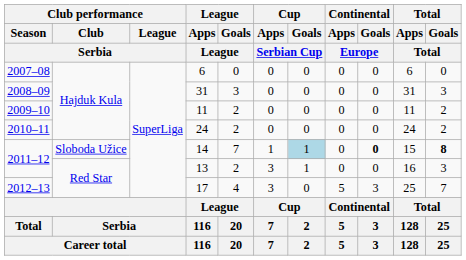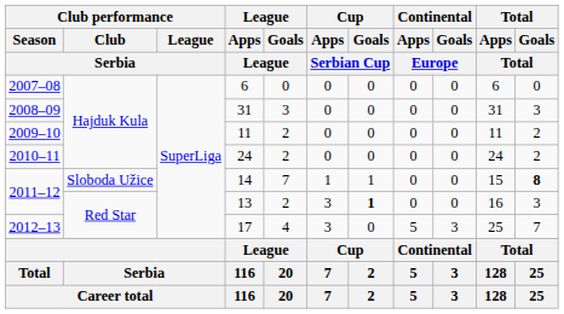 <table class="wikitable" style="text-align:center">
 <tr>
 <th colspan=3>Club performance</th>
 <th colspan=2>League</th>
 <th colspan=2>Cup</th>
 <th colspan=2>Continental</th>
 <th colspan=2>Total</th>
 </tr>
 <tr>
 <th>Season</th>
 <th>Club</th>
 <th>League</th>
 <th>Apps</th>
 <th>Goals</th>
 <th>Apps</th>
 <th>Goals</th>
 <th>Apps</th>
 <th>Goals</th>
 <th>Apps</th>
 <th>Goals</th>
 </tr>
 <tr>
 <th colspan=3>Serbia</th>
 <th colspan=2>League</th>
 <th colspan=2><a href='#'>Serbian Cup</a></th>
 <th colspan=2><a href='#'>Europe</a></th>
 <th colspan=2>Total</th>
 </tr>
 <tr>
 <td><a href='#'>2007–08</a></td>
 <td rowspan="4"><a href='#'>Hajduk Kula</a></td>
 <td rowspan="7"><a href='#'>SuperLiga</a></td>
 <td>6</td>
 <td>0</td>
 <td>0</td>
 <td>0</td>
 <td>0</td>
 <td>0</td>
 <td>6</td>
 <td>0</td>
 </tr>
 <tr>
 <td><a href='#'>2008–09</a></td>
 <td>31</td>
 <td>3</td>
 <td>0</td>
 <td>0</td>
 <td>0</td>
 <td>0</td>
 <td>31</td>
 <td>3</td>
 </tr>
 <tr>
 <td><a href='#'>2009–10</a></td>
 <td>11</td>
 <td>2</td>
 <td>0</td>
 <td>0</td>
 <td>0</td>
 <td>0</td>
 <td>11</td>
 <td>2</td>
 </tr>
 <tr>
 <td><a href='#'>2010–11</a></td>
 <td>24</td>
 <td>2</td>
 <td>0</td>
 <td>0</td>
 <td>0</td>
 <td>0</td>
 <td>24</td>
 <td>2</td>
 </tr>
 <tr>
 <td rowspan="2"><a href='#'>2011–12</a></td>
 <td><a href='#'>Sloboda Užice</a></td>
 <td>14</td>
 <td>7</td>
 <td>1</td>
-<td style="background: lightblue;">1</td>
+<td>1</td>
 <td>0</td>
-<td><strong>0</strong></td>
+<td>0</td>
 <td>15</td>
 <td><strong>8</strong></td>
 </tr>
 <tr>
 <td rowspan=2><a href='#'>Red Star</a></td>
 <td>13</td>
 <td>2</td>
 <td>3</td>
-<td>1</td>
+<td><strong>1</strong></td>
 <td>0</td>
 <td>0</td>
 <td>16</td>
 <td>3</td>
 </tr>
 <tr>
 <td><a href='#'>2012–13</a></td>
 <td>17</td>
 <td>4</td>
 <td>3</td>
 <td>0</td>
 <td>5</td>
 <td>3</td>
 <td>25</td>
 <td>7</td>
 </tr>
 <tr>
 <th colspan=3></th>
 <th colspan=2>League</th>
 <th colspan=2>Cup</th>
 <th colspan=2>Continental</th>
 <th colspan=2>Total</th>
 </tr>
 <tr>
 <th rowspan=1>Total</th>
 <th colspan=2>Serbia</th>
 <th>116</th>
 <th>20</th>
 <th>7</th>
 <th>2</th>
 <th>5</th>
 <th>3</th>
 <th>128</th>
 <th>25</th>
 </tr>
 <tr>
 <th colspan=3>Career total</th>
 <th>116</th>
 <th>20</th>
 <th>7</th>
 <th>2</th>
 <th>5</th>
 <th>3</th>
 <th>128</th>
 <th>25</th>
 </tr>
 </table>
